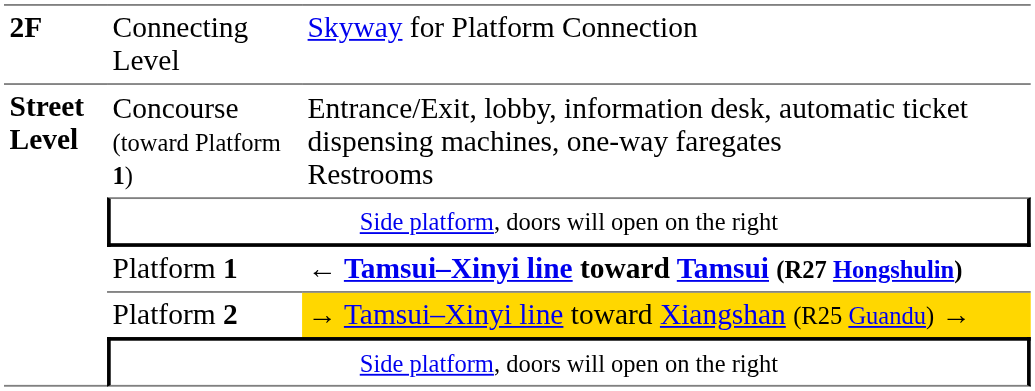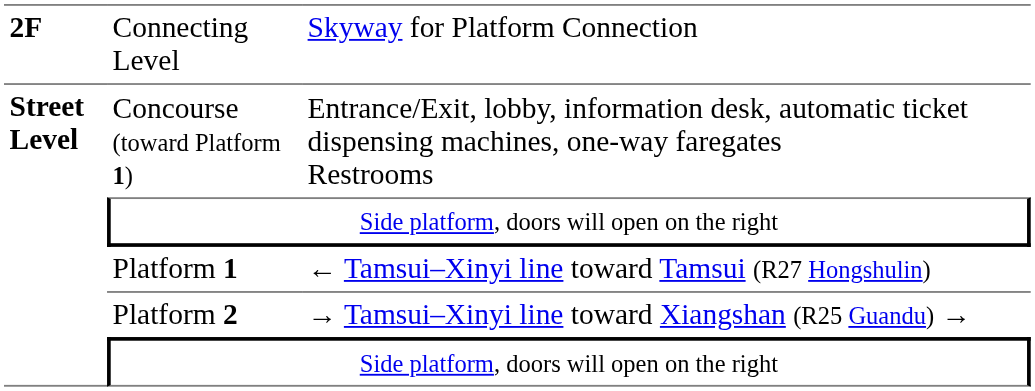 <table table border=0 cellspacing=0 cellpadding=3>
 <tr>
 <td style="border-bottom:solid 1px gray;border-top:solid 1px gray;" width=50 valign=top><strong>2F</strong></td>
 <td style="border-top:solid 1px gray;border-bottom:solid 1px gray;" width=100 valign=top>Connecting Level</td>
 <td style="border-top:solid 1px gray;border-bottom:solid 1px gray;" width=390 valign=top><a href='#'>Skyway</a> for Platform Connection</td>
 </tr>
 <tr>
 <td style="border-bottom:solid 1px gray;" width=50 rowspan=10 valign=top><strong>Street Level</strong></td>
 </tr>
 <tr>
 <td style="border-top:solid 1px white;" rowspan=2 valign=top>Concourse<br><small>(toward Platform <span><strong>1</strong></span>)</small></td>
 </tr>
 <tr>
 <td width=390>Entrance/Exit, lobby, information desk, automatic ticket dispensing machines, one-way faregates<br>Restrooms</td>
 </tr>
 <tr>
 <td style="border-right:solid 2px black;border-left:solid 2px black;border-bottom:solid 2px black;border-top:solid 1px gray;text-align:center;" colspan=2><small><a href='#'>Side platform</a>, doors will open on the right</small></td>
 </tr>
 <tr>
 <td style="border-bottom:solid 1px gray;" width=100>Platform <span><strong>1</strong></span></td>
-<td style="border-bottom:solid 1px gray;" width=390><strong>←  <a href='#'>Tamsui–Xinyi line</a> toward <a href='#'>Tamsui</a> <small>(R27 <a href='#'>Hongshulin</a>)</small></strong></td>
+<td style="border-bottom:solid 1px gray;" width=390>←  <a href='#'>Tamsui–Xinyi line</a> toward <a href='#'>Tamsui</a> <small>(R27 <a href='#'>Hongshulin</a>)</small></td>
 </tr>
 <tr>
 <td>Platform <span><strong>2</strong></span></td>
-<td style="background: gold;"><span>→</span>  <a href='#'>Tamsui–Xinyi line</a> toward <a href='#'>Xiangshan</a> <small>(R25 <a href='#'>Guandu</a>)</small> →</td>
+<td><span>→</span>  <a href='#'>Tamsui–Xinyi line</a> toward <a href='#'>Xiangshan</a> <small>(R25 <a href='#'>Guandu</a>)</small> →</td>
 </tr>
 <tr>
 <td style="border-top:solid 2px black;border-right:solid 2px black;border-left:solid 2px black;border-bottom:solid 1px gray;text-align:center;" colspan=2><small><a href='#'>Side platform</a>, doors will open on the right</small></td>
 </tr>
 </table>
